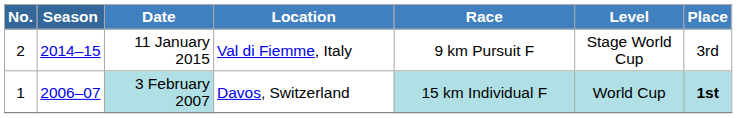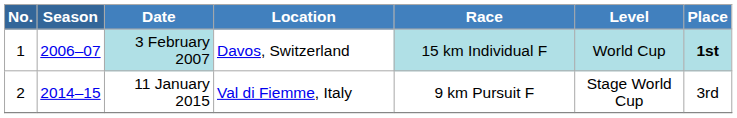 <table class="wikitable sortable" style="font-size:95%; text-align:center; border:grey solid 1px; border-collapse:collapse; background:#ffffff;">
 <tr style="background:#efefef;">
 <th style="background-color:#369; color:white;">No.</th>
 <th style="background-color:#369; color:white;">Season</th>
 <th style="background-color:#4180be; color:white; width:100px;">Date</th>
 <th style="background-color:#4180be; color:white; width:170px;">Location</th>
 <th style="background-color:#4180be; color:white; width:170px;">Race</th>
 <th style="background-color:#4180be; color:white; width:100px;">Level</th>
 <th style="background-color:#4180be; color:white;">Place</th>
 </tr>
 <tr>
+<td align=center>1</td>
+<td rowspan=1 align=center><a href='#'>2006–07</a></td>
+<td bgcolor="#BOEOE6" align=right>3 February 2007</td>
+<td align=left> <a href='#'>Davos</a>, Switzerland</td>
+<td bgcolor="#BOEOE6">15 km Individual F</td>
+<td bgcolor="#BOEOE6">World Cup</td>
+<td bgcolor="#BOEOE6"><strong>1st</strong></td>
+</tr>
+<tr>
 <td align=center>2</td>
 <td rowspan=1 align=center><a href='#'>2014–15</a></td>
 <td align=right>11 January 2015</td>
 <td align=left> <a href='#'>Val di Fiemme</a>, Italy</td>
 <td>9 km Pursuit F</td>
 <td>Stage World Cup</td>
 <td>3rd</td>
 </tr>
 <tr>
-<td align=center>1</td>
-<td rowspan=1 align=center><a href='#'>2006–07</a></td>
-<td bgcolor="#BOEOE6" align=right>3 February 2007</td>
-<td align=left> <a href='#'>Davos</a>, Switzerland</td>
-<td bgcolor="#BOEOE6">15 km Individual F</td>
-<td bgcolor="#BOEOE6">World Cup</td>
-<td bgcolor="#BOEOE6"><strong>1st</strong></td>
-</tr>
-<tr>
 </tr>
 </table>
